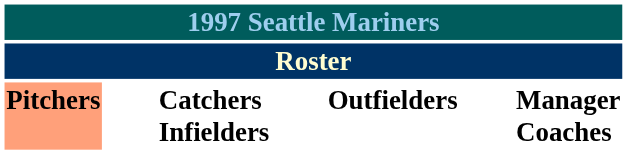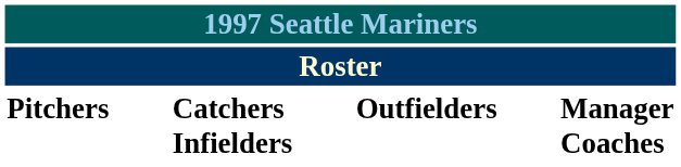 <table class="toccolours" style="font-size: 95%;">
 <tr>
 <th colspan="10" style="background:#005c5c; color:#9eceee; text-align:center;">1997 Seattle Mariners</th>
 </tr>
 <tr>
 <td colspan="10" style="background:#036; color:#fffdd0; text-align:center;"><strong>Roster</strong></td>
 </tr>
 <tr>
-<td valign="top" style="background: lightsalmon;"><strong>Pitchers</strong><br>                       </td>
+<td valign="top"><strong>Pitchers</strong><br>                       </td>
 <td style="width:25px;"></td>
 <td valign="top"><strong>Catchers</strong><br>   <strong>Infielders</strong>            </td>
 <td style="width:25px;"></td>
 <td valign="top"><strong>Outfielders</strong><br>       </td>
 <td style="width:25px;"></td>
 <td valign="top"><strong>Manager</strong><br> <strong>Coaches</strong>      </td>
 </tr>
 </table>
